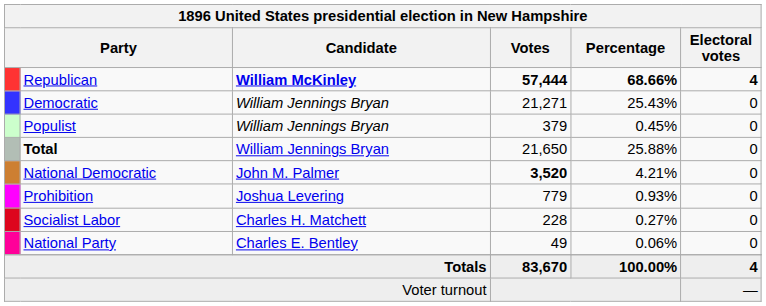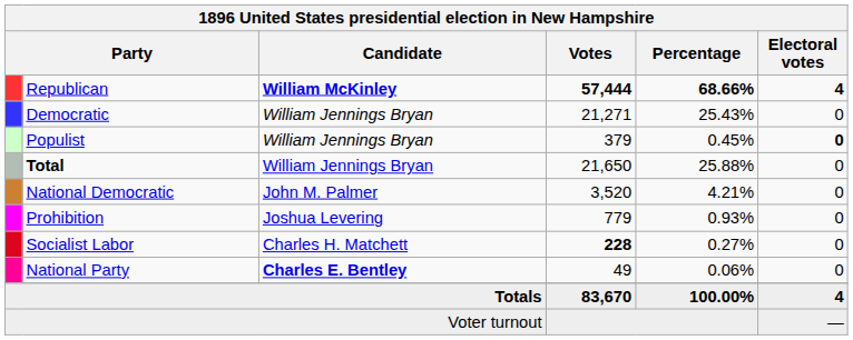 <table class="wikitable" style="font-size: 95%;">
 <tr>
 <th colspan="6">1896 United States presidential election in New Hampshire</th>
 </tr>
 <tr>
 <th colspan="2" style="width: 15em">Party</th>
 <th style="width: 17em">Candidate</th>
 <th style="width: 5em">Votes</th>
 <th style="width: 7em">Percentage</th>
 <th style="width: 5em">Electoral votes</th>
 </tr>
 <tr>
 <th style="background-color:#FF3333; width: 3px"></th>
 <td style="width: 130px"><a href='#'>Republican</a></td>
 <td><strong><a href='#'>William McKinley</a></strong></td>
 <td align="right"><strong>57,444</strong></td>
 <td align="right"><strong>68.66%</strong></td>
 <td align="right"><strong>4</strong></td>
 </tr>
 <tr>
 <th style="background-color:#3333FF; width: 3px"></th>
 <td style="width: 130px"><a href='#'>Democratic</a></td>
 <td><em>William Jennings Bryan</em></td>
 <td align="right">21,271</td>
 <td align="right">25.43%</td>
 <td align="right">0</td>
 </tr>
 <tr>
 <th style="background-color:#CCFFCC; width: 3px"></th>
 <td style="width: 130px"><a href='#'>Populist</a></td>
 <td><em>William Jennings Bryan</em></td>
 <td align="right">379</td>
 <td align="right">0.45%</td>
-<td align="right">0</td>
+<td align="right"><strong>0</strong></td>
 </tr>
 <tr>
 <th style="background-color:#B2BEB5; width: 3px"></th>
 <td style="width: 130px"><strong> Total</strong></td>
 <td><a href='#'>William Jennings Bryan</a></td>
 <td align="right">21,650</td>
 <td align="right">25.88%</td>
 <td align="right">0</td>
 </tr>
 <tr>
 <th style="background-color:#CD7F32; width: 3px"></th>
 <td style="width: 130px"><a href='#'>National Democratic</a></td>
 <td><a href='#'>John M. Palmer</a></td>
-<td align="right"><strong>3,520</strong></td>
+<td align="right">3,520</td>
 <td align="right">4.21%</td>
 <td align="right">0</td>
 </tr>
 <tr>
 <th style="background-color:#FF00FF; width: 3px"></th>
 <td style="width: 130px"><a href='#'>Prohibition</a></td>
 <td><a href='#'>Joshua Levering</a></td>
 <td align="right">779</td>
 <td align="right">0.93%</td>
 <td align="right">0</td>
 </tr>
 <tr>
 <th style="background-color:#DD051D; width: 3px"></th>
 <td style="width: 130px"><a href='#'>Socialist Labor</a></td>
 <td><a href='#'>Charles H. Matchett</a></td>
-<td align="right">228</td>
+<td align="right"><strong>228</strong></td>
 <td align="right">0.27%</td>
 <td align="right">0</td>
 </tr>
 <tr>
 <th style="background-color:#f09; width: 3px"></th>
 <td style="width: 130px"><a href='#'>National Party</a></td>
-<td><a href='#'>Charles E. Bentley</a></td>
+<td><strong><a href='#'>Charles E. Bentley</a></strong></td>
 <td align="right">49</td>
 <td align="right">0.06%</td>
 <td align="right">0</td>
 </tr>
 <tr>
 </tr>
 <tr bgcolor="#EEEEEE">
 <td colspan="3" align="right"><strong>Totals</strong></td>
 <td align="right"><strong>83,670</strong></td>
 <td align="right"><strong>100.00%</strong></td>
 <td align="right"><strong>4</strong></td>
 </tr>
 <tr bgcolor="#EEEEEE">
 <td colspan="3" align="right">Voter turnout</td>
 <td colspan="2" align="right"></td>
 <td align="right">—</td>
 </tr>
 </table>
